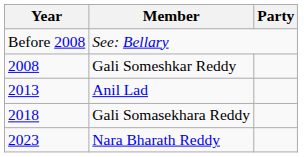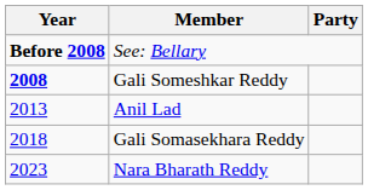 <table class="wikitable sortable">
 <tr>
 <th>Year</th>
 <th>Member</th>
 <th colspan="2">Party</th>
 </tr>
 <tr>
-<td>Before <a href='#'>2008</a></td>
+<td><strong>Before <a href='#'>2008</a></strong></td>
 <td colspan="3"><em>See: <a href='#'>Bellary</a></em></td>
 </tr>
 <tr>
-<td><a href='#'>2008</a></td>
+<td><strong><a href='#'>2008</a></strong></td>
 <td>Gali Someshkar Reddy</td>
 <td></td>
 </tr>
 <tr>
 <td><a href='#'>2013</a></td>
 <td><a href='#'>Anil Lad</a></td>
 <td></td>
 </tr>
 <tr>
 <td><a href='#'>2018</a></td>
 <td>Gali Somasekhara Reddy</td>
 <td></td>
 </tr>
 <tr>
 <td><a href='#'>2023</a></td>
 <td><a href='#'>Nara Bharath Reddy</a></td>
 <td></td>
 </tr>
 </table>
